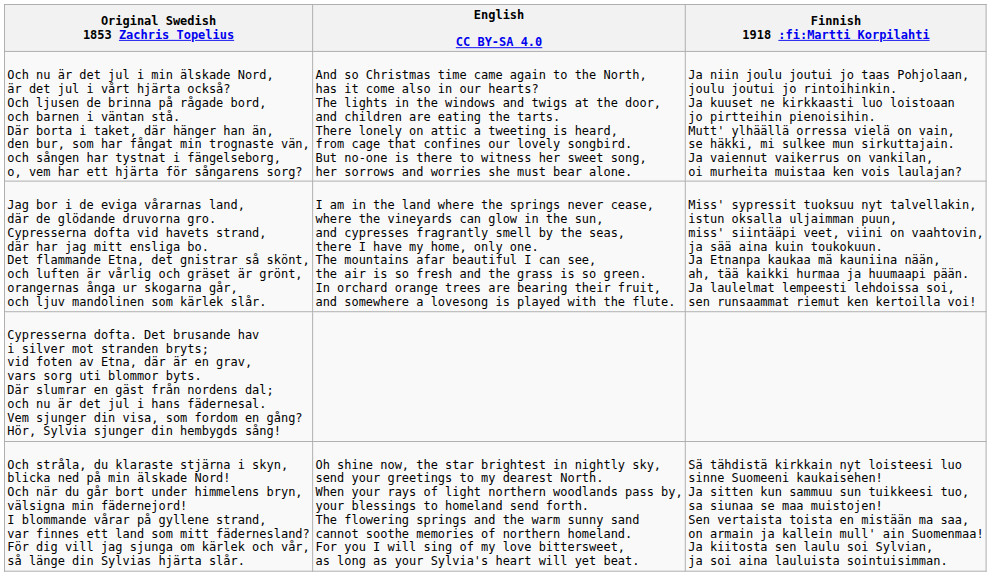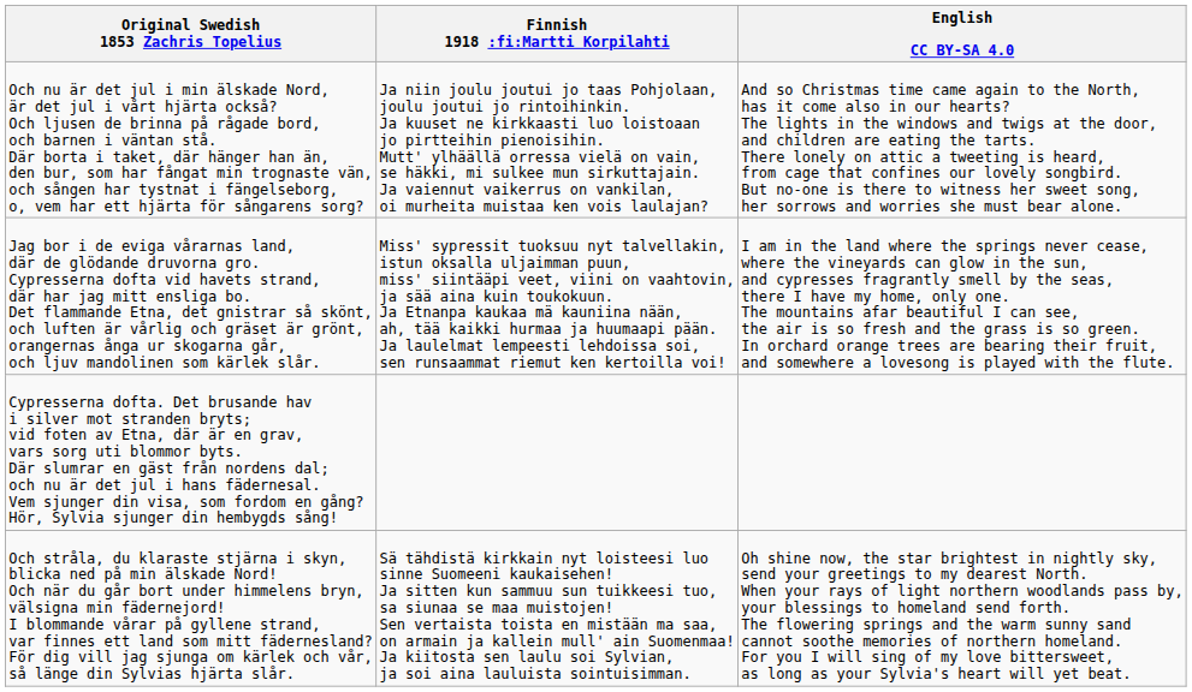 <table class="wikitable" style="text-align:left;">
 <tr>
 <th>Original Swedish<br>1853 <a href='#'>Zachris Topelius</a></th>
+<th>Finnish<br>1918 <a href='#'>:fi:Martti Korpilahti</a></th>
 <th>English<br><br><a href='#'>CC BY-SA 4.0</a></th>
-<th>Finnish<br>1918 <a href='#'>:fi:Martti Korpilahti</a></th>
 </tr>
 <tr>
 <td><br>Och nu är det jul i min älskade Nord,<br> är det jul i vårt hjärta också?<br> Och ljusen de brinna på rågade bord,<br> och barnen i väntan stå.<br>Där borta i taket, där hänger han än,<br> den bur, som har fångat min trognaste vän,<br> och sången har tystnat i fängelseborg,<br> o, vem har ett hjärta för sångarens sorg?</td>
+<td><br>Ja niin joulu joutui jo taas Pohjolaan,<br> joulu joutui jo rintoihinkin.<br> Ja kuuset ne kirkkaasti luo loistoaan<br> jo pirtteihin pienoisihin.<br>Mutt' ylhäällä orressa vielä on vain,<br> se häkki, mi sulkee mun sirkuttajain.<br> Ja vaiennut vaikerrus on vankilan,<br> oi murheita muistaa ken vois laulajan?</td>
 <td><br>And so Christmas time came again to the North,<br> has it come also in our hearts?<br> The lights in the windows and twigs at the door,<br> and children are eating the tarts.<br>There lonely on attic a tweeting is heard,<br> from cage that confines our lovely songbird.<br> But no-one is there to witness her sweet song,<br> her sorrows and worries she must bear alone.</td>
-<td><br>Ja niin joulu joutui jo taas Pohjolaan,<br> joulu joutui jo rintoihinkin.<br> Ja kuuset ne kirkkaasti luo loistoaan<br> jo pirtteihin pienoisihin.<br>Mutt' ylhäällä orressa vielä on vain,<br> se häkki, mi sulkee mun sirkuttajain.<br> Ja vaiennut vaikerrus on vankilan,<br> oi murheita muistaa ken vois laulajan?</td>
 </tr>
 <tr>
 <td><br>Jag bor i de eviga vårarnas land,<br> där de glödande druvorna gro.<br> Cypresserna dofta vid havets strand,<br> där har jag mitt ensliga bo.<br>Det flammande Etna, det gnistrar så skönt,<br> och luften är vårlig och gräset är grönt,<br> orangernas ånga ur skogarna går,<br> och ljuv mandolinen som kärlek slår.</td>
+<td><br>Miss' sypressit tuoksuu nyt talvellakin,<br> istun oksalla uljaimman puun,<br> miss' siintääpi veet, viini on vaahtovin,<br> ja sää aina kuin toukokuun.<br>Ja Etnanpa kaukaa mä kauniina nään,<br> ah, tää kaikki hurmaa ja huumaapi pään.<br> Ja laulelmat lempeesti lehdoissa soi,<br> sen runsaammat riemut ken kertoilla voi!</td>
 <td><br>I am in the land where the springs never cease,<br> where the vineyards can glow in the sun,<br> and cypresses fragrantly smell by the seas,<br> there I have my home, only one.<br>The mountains afar beautiful I can see,<br> the air is so fresh and the grass is so green.<br> In orchard orange trees are bearing their fruit,<br> and somewhere a lovesong is played with the flute.</td>
-<td><br>Miss' sypressit tuoksuu nyt talvellakin,<br> istun oksalla uljaimman puun,<br> miss' siintääpi veet, viini on vaahtovin,<br> ja sää aina kuin toukokuun.<br>Ja Etnanpa kaukaa mä kauniina nään,<br> ah, tää kaikki hurmaa ja huumaapi pään.<br> Ja laulelmat lempeesti lehdoissa soi,<br> sen runsaammat riemut ken kertoilla voi!</td>
 </tr>
 <tr>
 <td><br>Cypresserna dofta. Det brusande hav<br> i silver mot stranden bryts;<br> vid foten av Etna, där är en grav,<br> vars sorg uti blommor byts.<br>Där slumrar en gäst från nordens dal;<br> och nu är det jul i hans fädernesal.<br> Vem sjunger din visa, som fordom en gång?<br> Hör, Sylvia sjunger din hembygds sång!</td>
 <td></td>
 <td></td>
 </tr>
 <tr>
 <td><br>Och stråla, du klaraste stjärna i skyn,<br> blicka ned på min älskade Nord!<br> Och när du går bort under himmelens bryn,<br> välsigna min fädernejord!<br>I blommande vårar på gyllene strand,<br> var finnes ett land som mitt fädernesland?<br> För dig vill jag sjunga om kärlek och vår,<br> så länge din Sylvias hjärta slår.</td>
+<td><br>Sä tähdistä kirkkain nyt loisteesi luo<br> sinne Suomeeni kaukaisehen!<br> Ja sitten kun sammuu sun tuikkeesi tuo,<br> sa siunaa se maa muistojen!<br>Sen vertaista toista en mistään ma saa,<br> on armain ja kallein mull' ain Suomenmaa!<br> Ja kiitosta sen laulu soi Sylvian,<br> ja soi aina lauluista sointuisimman.</td>
 <td><br>Oh shine now, the star brightest in nightly sky,<br> send your greetings to my dearest North.<br> When your rays of light northern woodlands pass by,<br> your blessings to homeland send forth.<br>The flowering springs and the warm sunny sand<br> cannot soothe memories of northern homeland.<br> For you I will sing of my love bittersweet,<br> as long as your Sylvia's heart will yet beat.</td>
-<td><br>Sä tähdistä kirkkain nyt loisteesi luo<br> sinne Suomeeni kaukaisehen!<br> Ja sitten kun sammuu sun tuikkeesi tuo,<br> sa siunaa se maa muistojen!<br>Sen vertaista toista en mistään ma saa,<br> on armain ja kallein mull' ain Suomenmaa!<br> Ja kiitosta sen laulu soi Sylvian,<br> ja soi aina lauluista sointuisimman.</td>
 </tr>
 </table>
